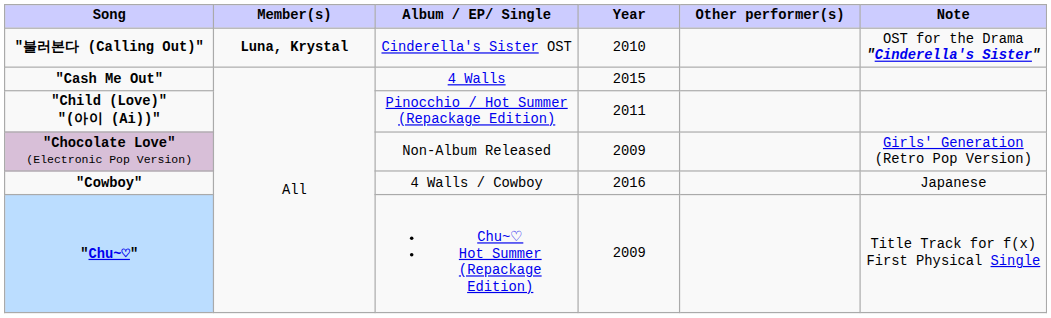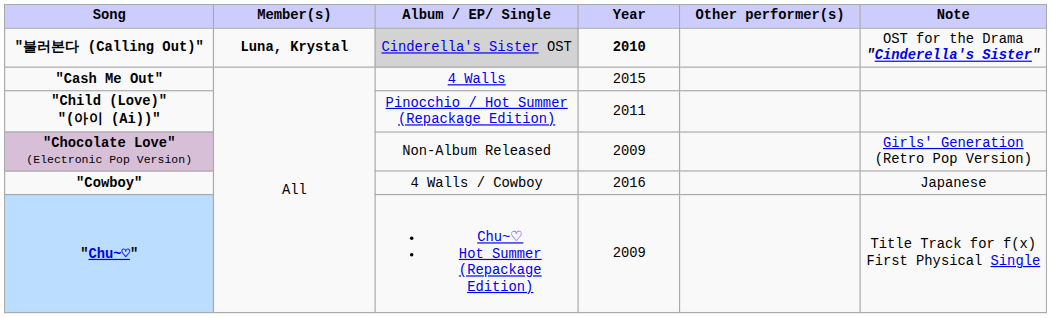 <table class="wikitable" style="margin:0.5em auto; clear:both; font-size:.9em; text-align:center; width:100%">
 <tr>
 <th width="500" style="background: #CCCCFF;">Song</th>
 <th width="350" style="background: #CCCCFF;">Member(s)</th>
 <th width="350" style="background: #CCCCFF;">Album / EP/ Single</th>
 <th width="250" style="background: #CCCCFF;">Year</th>
 <th width="350" style="background: #CCCCFF;">Other performer(s)</th>
 <th width="350" style="background: #CCCCFF;">Note</th>
 </tr>
 <tr>
 <td><strong>"불러본다 (Calling Out)"</strong></td>
 <td><strong>Luna, Krystal</strong></td>
-<td><a href='#'>Cinderella's Sister</a> OST</td>
-<td>2010</td>
+<td style="background: lightgrey;"><a href='#'>Cinderella's Sister</a> OST</td>
+<td><strong>2010</strong></td>
 <td></td>
 <td>OST for the Drama <strong><em>"<a href='#'>Cinderella's Sister</a>"</em></strong></td>
 </tr>
 <tr>
 <td><strong>"Cash Me Out"</strong></td>
 <td rowspan="5">All</td>
 <td><a href='#'>4 Walls</a></td>
 <td>2015</td>
 <td></td>
 <td></td>
 </tr>
 <tr>
 <td><strong>"Child (Love)"</strong><br><strong>"(아이 (Ai))"</strong></td>
 <td><a href='#'>Pinocchio / Hot Summer (Repackage Edition)</a></td>
 <td>2011</td>
 <td></td>
 <td></td>
 </tr>
 <tr>
 <td style="background-color:#D8BFD8"><strong>"Chocolate Love"</strong> <small>(Electronic Pop Version)</small></td>
 <td>Non-Album Released</td>
 <td>2009</td>
 <td></td>
 <td><a href='#'>Girls' Generation</a> (Retro Pop Version)</td>
 </tr>
 <tr>
 <td><strong>"Cowboy"</strong></td>
 <td>4 Walls / Cowboy</td>
 <td>2016</td>
 <td></td>
 <td>Japanese</td>
 </tr>
 <tr>
 <td style="background-color:#bbddff"><strong>"<a href='#'>Chu~♡</a>"</strong></td>
 <td><br><ul><li><a href='#'>Chu~♡</a></li><li><a href='#'>Hot Summer (Repackage Edition)</a></li></ul></td>
 <td>2009</td>
 <td></td>
 <td>Title Track for f(x) First Physical <a href='#'>Single</a></td>
 </tr>
 </table>
